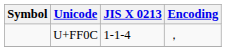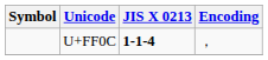 <table class="wikitable">
 <tr>
 <th>Symbol</th>
 <th><a href='#'>Unicode</a></th>
 <th><a href='#'>JIS X 0213</a></th>
 <th><a href='#'>Encoding</a></th>
 </tr>
 <tr>
 <td></td>
 <td>U+FF0C</td>
-<td>1-1-4</td>
+<td><strong>1-1-4</strong></td>
 <td>&#65292;</td>
 </tr>
 <tr>
 </tr>
 </table>
